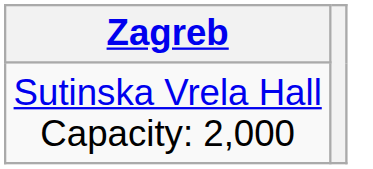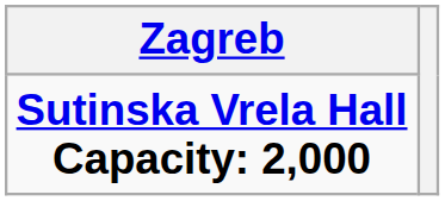 <table class="wikitable" style="text-align:center;">
 <tr>
 <th><a href='#'>Zagreb</a></th>
 <th rowspan=2></th>
 </tr>
 <tr>
-<td><a href='#'>Sutinska Vrela Hall</a><br>Capacity: 2,000</td>
+<td><strong><a href='#'>Sutinska Vrela Hall</a><br>Capacity: 2,000</strong></td>
 </tr>
 </table>
